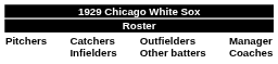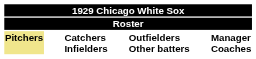 <table class="toccolours" style="font-size: 95%;">
 <tr>
 <th colspan="10" style="background-color: black; color: white; text-align: center;">1929 Chicago White Sox</th>
 </tr>
 <tr>
 <td colspan="10" style="background-color: black; color: white; text-align: center;"><strong>Roster</strong></td>
 </tr>
 <tr>
-<td valign="top"><strong>Pitchers</strong><br>            </td>
+<td valign="top" style="background: khaki;"><strong>Pitchers</strong><br>            </td>
 <td width="25px"></td>
 <td valign="top"><strong>Catchers</strong><br>   <strong>Infielders</strong>        </td>
 <td width="25px"></td>
 <td valign="top"><strong>Outfielders</strong><br>      <strong>Other batters</strong>  </td>
 <td width="25px"></td>
 <td valign="top"><strong>Manager</strong><br> <strong>Coaches</strong> </td>
 </tr>
 </table>
